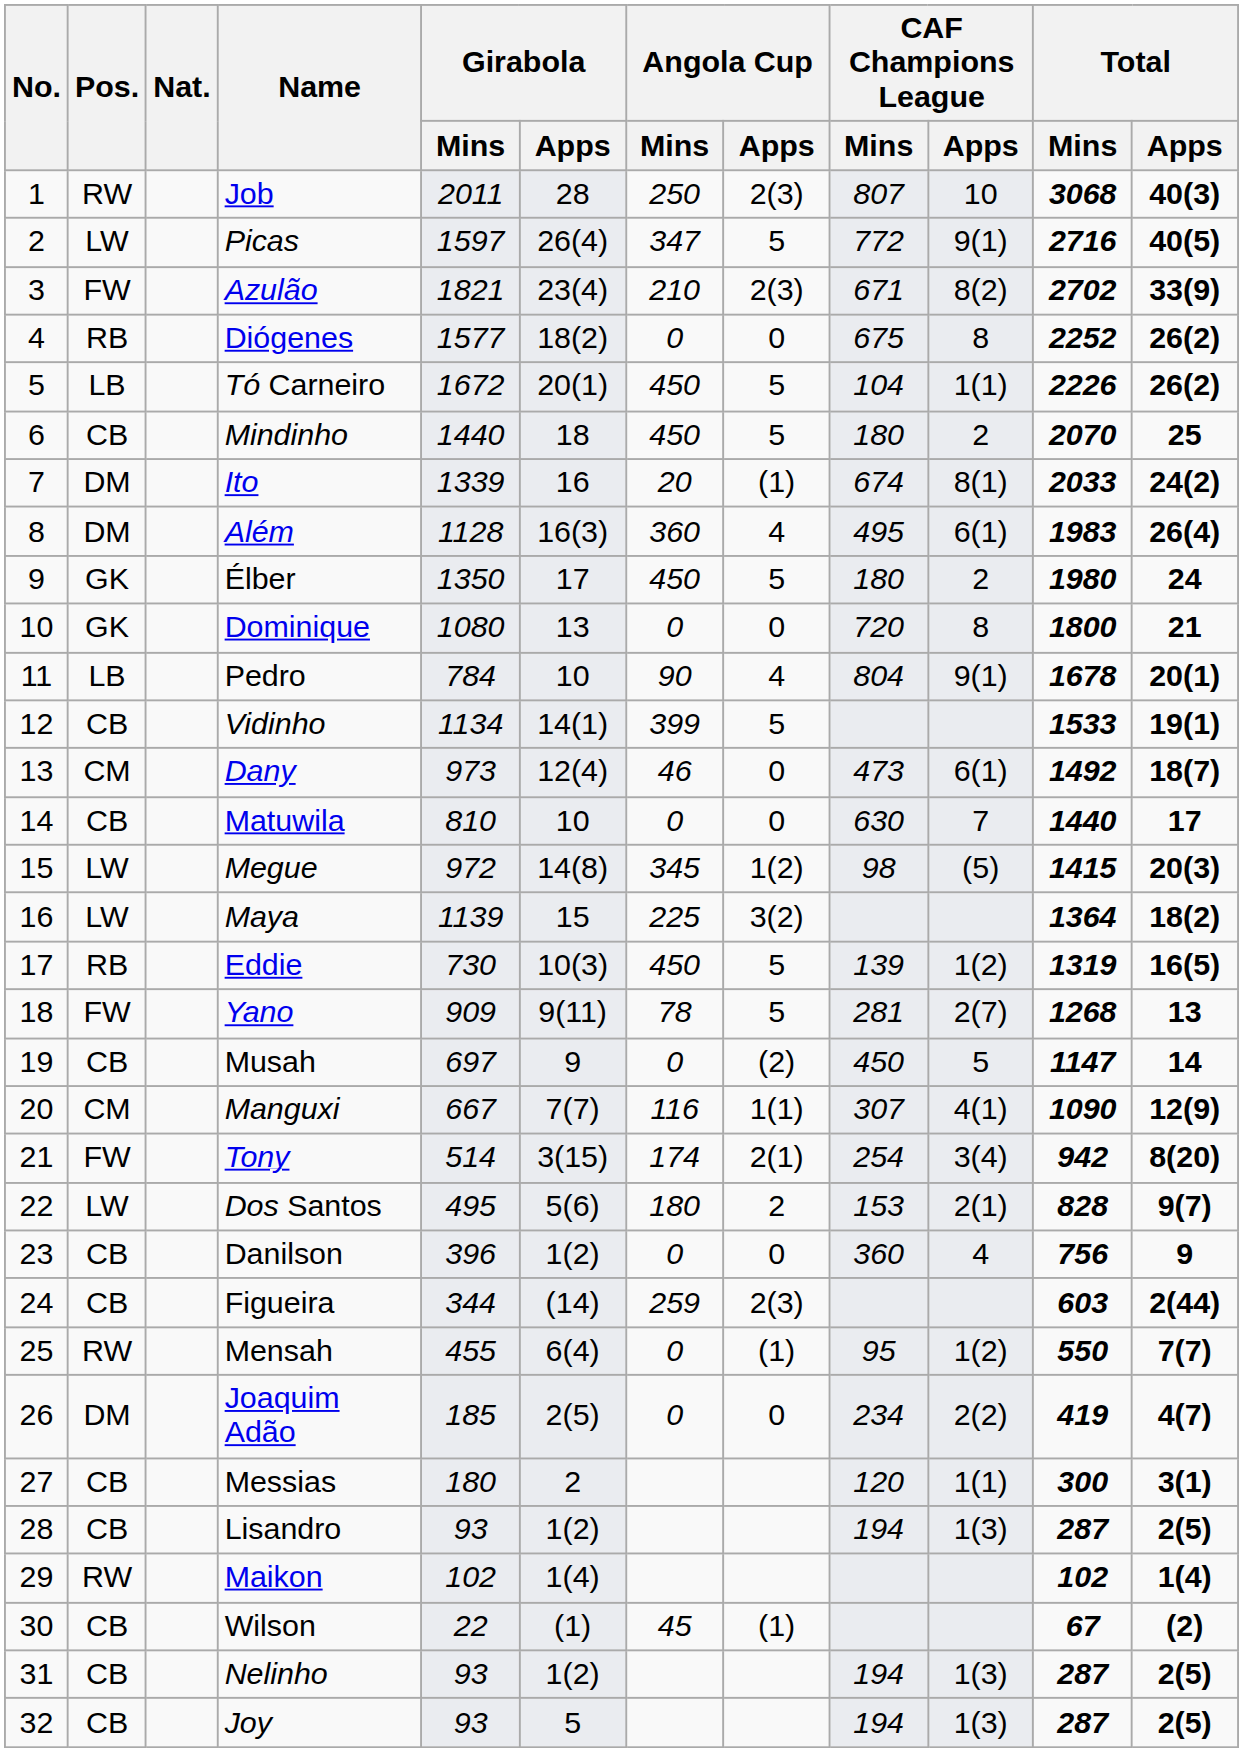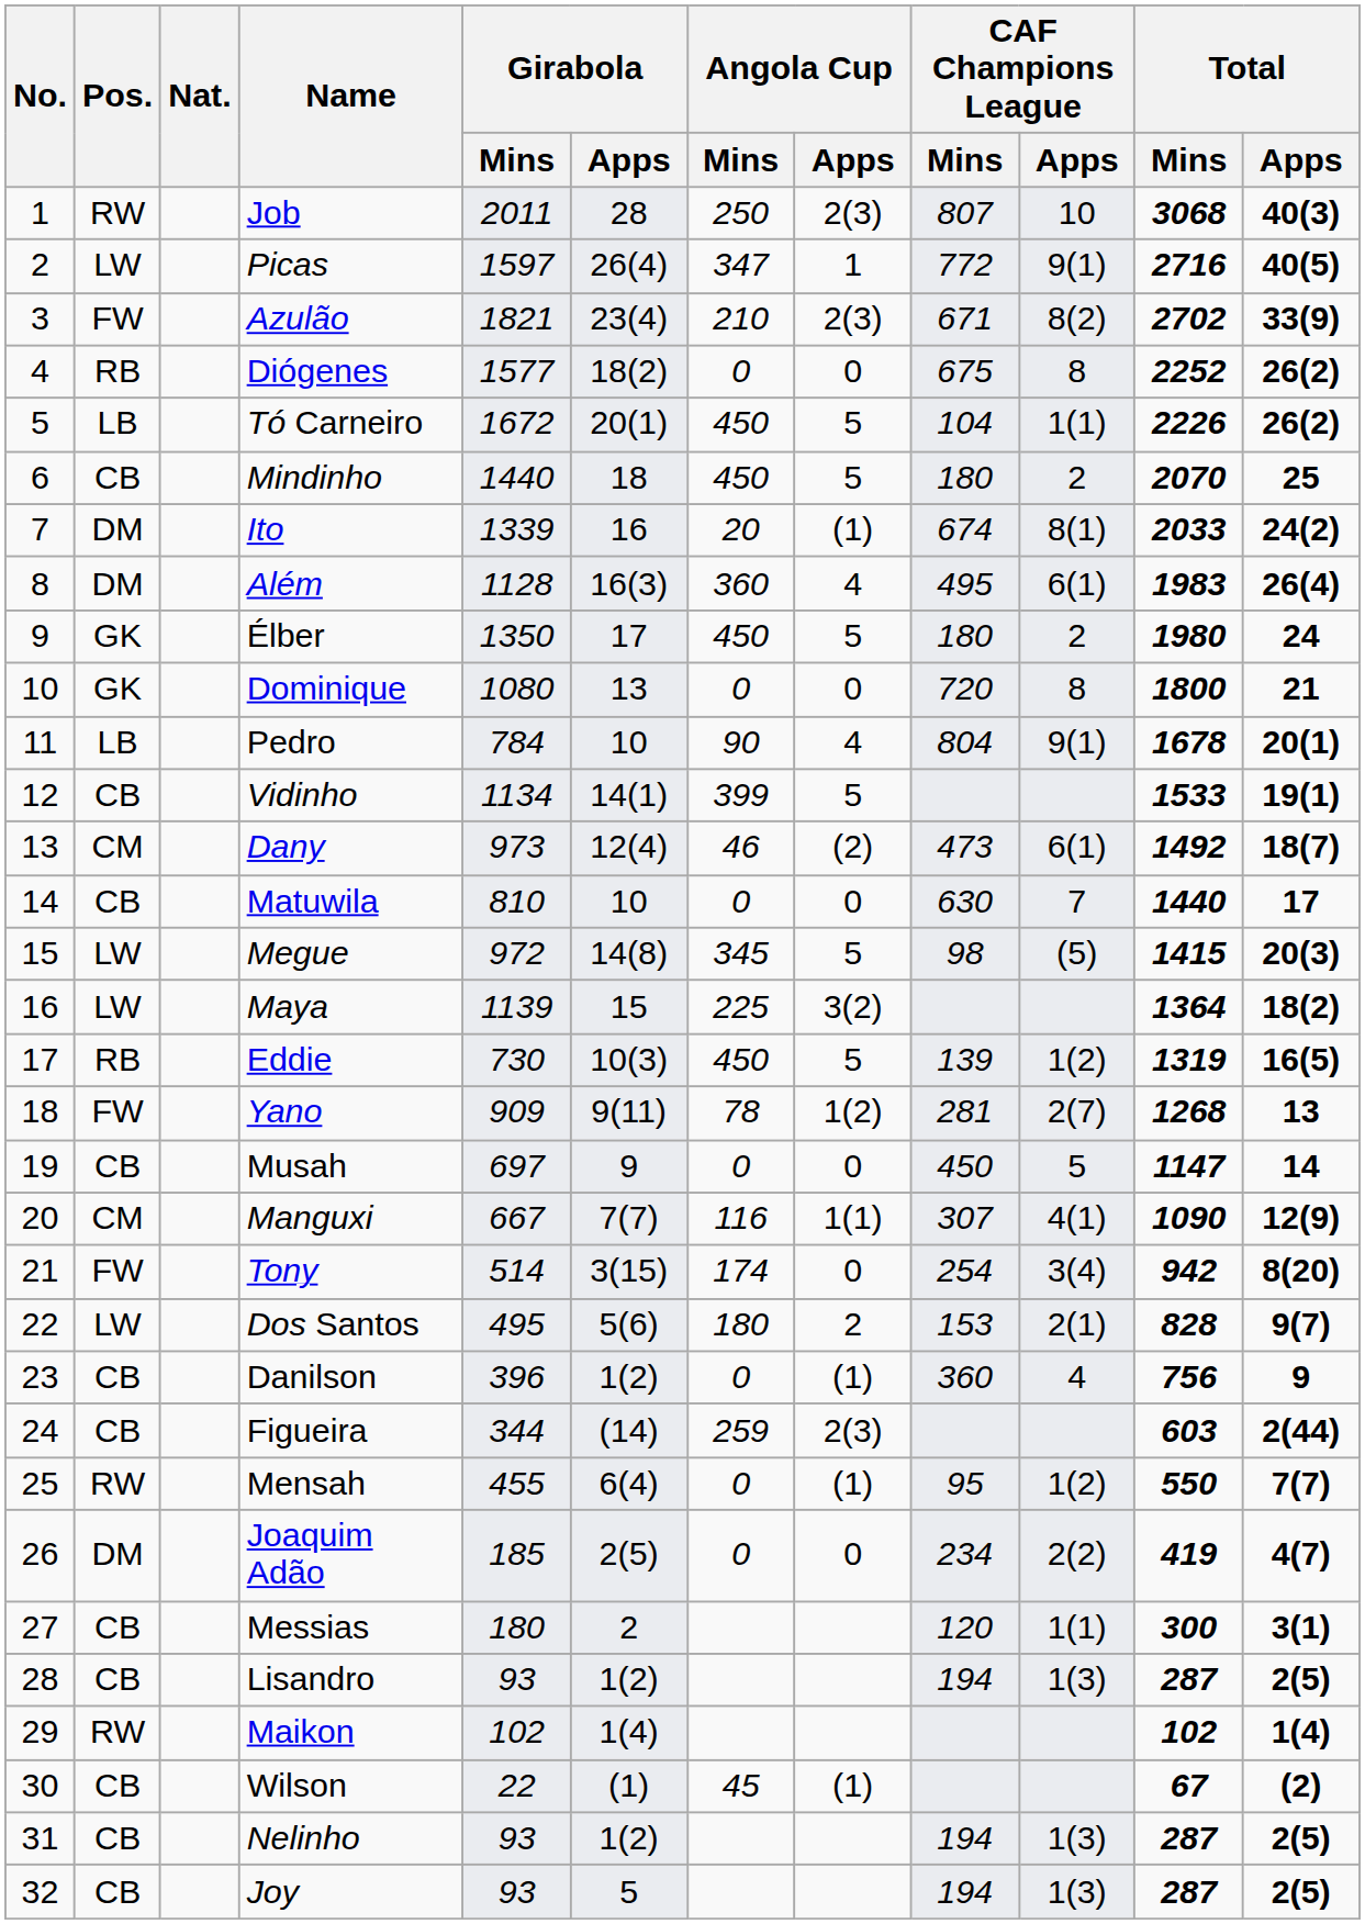 <table class="wikitable sortable" style="text-align:center">
 <tr>
 <th style="text-align:center;" rowspan="2">No.</th>
 <th style="text-align:center;" rowspan="2">Pos.</th>
 <th style="text-align:center;" rowspan="2">Nat.</th>
 <th style="text-align:center; width:100px;" rowspan="2">Name</th>
 <th style="text-align:center; width:100px;" colspan="2">Girabola</th>
 <th style="text-align:center; width:100px;" colspan="2">Angola Cup</th>
 <th style="text-align:center; width:100px;" colspan="2">CAF Champions League</th>
 <th style="text-align:center; width:100px;" colspan="2">Total</th>
 </tr>
 <tr>
 <th style="text-align:center;">Mins</th>
 <th style="text-align:center;">Apps</th>
 <th style="text-align:center;">Mins</th>
 <th style="text-align:center;">Apps</th>
 <th style="text-align:center;">Mins</th>
 <th style="text-align:center;">Apps</th>
 <th style="text-align:center;">Mins</th>
 <th style="text-align:center;">Apps</th>
 </tr>
 <tr>
 <td>1</td>
 <td data-sort-value="3.3">RW</td>
 <td></td>
 <td align=left><a href='#'>Job</a></td>
 <td style="background:#eaecf0;"><em>2011</em></td>
 <td style="background:#eaecf0;">28</td>
 <td><em>250</em></td>
 <td>2(3)</td>
 <td style="background:#eaecf0;"><em>807</em></td>
 <td style="background:#eaecf0;">10</td>
 <td><strong><em>3068</em></strong></td>
 <td><strong>40(3)</strong></td>
 </tr>
 <tr>
 <td>2</td>
 <td data-sort-value="3.4">LW</td>
 <td></td>
 <td align=left><em>Picas</em></td>
 <td style="background:#eaecf0;"><em>1597</em></td>
 <td style="background:#eaecf0;">26(4)</td>
 <td><em>347</em></td>
-<td>5</td>
+<td>1</td>
 <td style="background:#eaecf0;"><em>772</em></td>
 <td style="background:#eaecf0;">9(1)</td>
 <td><strong><em>2716</em></strong></td>
 <td><strong>40(5)</strong></td>
 </tr>
 <tr>
 <td>3</td>
 <td>FW</td>
 <td></td>
 <td align=left><em><a href='#'>Azulão</a></em></td>
 <td style="background:#eaecf0;"><em>1821</em></td>
 <td style="background:#eaecf0;">23(4)</td>
 <td><em>210</em></td>
 <td>2(3)</td>
 <td style="background:#eaecf0;"><em>671</em></td>
 <td style="background:#eaecf0;">8(2)</td>
 <td><strong><em>2702</em></strong></td>
 <td><strong>33(9)</strong></td>
 </tr>
 <tr>
 <td>4</td>
 <td data-sort-value="2.2">RB</td>
 <td></td>
 <td align=left><a href='#'>Diógenes</a></td>
 <td style="background:#eaecf0;"><em>1577</em></td>
 <td style="background:#eaecf0;">18(2)</td>
 <td><em>0</em></td>
 <td>0</td>
 <td style="background:#eaecf0;"><em>675</em></td>
 <td style="background:#eaecf0;">8</td>
 <td><strong><em>2252</em></strong></td>
 <td><strong>26(2)</strong></td>
 </tr>
 <tr>
 <td>5</td>
 <td data-sort-value="2.3">LB</td>
 <td></td>
 <td align=left><em>Tó</em> Carneiro</td>
 <td style="background:#eaecf0;"><em>1672</em></td>
 <td style="background:#eaecf0;">20(1)</td>
 <td><em>450</em></td>
 <td>5</td>
 <td style="background:#eaecf0;"><em>104</em></td>
 <td style="background:#eaecf0;">1(1)</td>
 <td><strong><em>2226</em></strong></td>
 <td><strong>26(2)</strong></td>
 </tr>
 <tr>
 <td>6</td>
 <td data-sort-value="2.1">CB</td>
 <td></td>
 <td align=left><em>Mindinho</em></td>
 <td style="background:#eaecf0;"><em>1440</em></td>
 <td style="background:#eaecf0;">18</td>
 <td><em>450</em></td>
 <td>5</td>
 <td style="background:#eaecf0;"><em>180</em></td>
 <td style="background:#eaecf0;">2</td>
 <td><strong><em>2070</em></strong></td>
 <td><strong>25</strong></td>
 </tr>
 <tr>
 <td>7</td>
 <td data-sort-value="3.2">DM</td>
 <td></td>
 <td align=left><em><a href='#'>Ito</a></em></td>
 <td style="background:#eaecf0;"><em>1339</em></td>
 <td style="background:#eaecf0;">16</td>
 <td><em>20</em></td>
 <td>(1)</td>
 <td style="background:#eaecf0;"><em>674</em></td>
 <td style="background:#eaecf0;">8(1)</td>
 <td><strong><em>2033</em></strong></td>
 <td><strong>24(2)</strong></td>
 </tr>
 <tr>
 <td>8</td>
 <td data-sort-value="3.2">DM</td>
 <td></td>
 <td align=left><em><a href='#'>Além</a></em></td>
 <td style="background:#eaecf0;"><em>1128</em></td>
 <td style="background:#eaecf0;">16(3)</td>
 <td><em>360</em></td>
 <td>4</td>
 <td style="background:#eaecf0;"><em>495</em></td>
 <td style="background:#eaecf0;">6(1)</td>
 <td><strong><em>1983</em></strong></td>
 <td><strong>26(4)</strong></td>
 </tr>
 <tr>
 <td>9</td>
 <td data-sort-value="1">GK</td>
 <td></td>
 <td align=left>Élber</td>
 <td style="background:#eaecf0;"><em>1350</em></td>
 <td style="background:#eaecf0;">17</td>
 <td><em>450</em></td>
 <td>5</td>
 <td style="background:#eaecf0;"><em>180</em></td>
 <td style="background:#eaecf0;">2</td>
 <td><strong><em>1980</em></strong></td>
 <td><strong>24</strong></td>
 </tr>
 <tr>
 <td>10</td>
 <td data-sort-value="1">GK</td>
 <td></td>
 <td align=left><a href='#'>Dominique</a></td>
 <td style="background:#eaecf0;"><em>1080</em></td>
 <td style="background:#eaecf0;">13</td>
 <td><em>0</em></td>
 <td>0</td>
 <td style="background:#eaecf0;"><em>720</em></td>
 <td style="background:#eaecf0;">8</td>
 <td><strong><em>1800</em></strong></td>
 <td><strong>21</strong></td>
 </tr>
 <tr>
 <td>11</td>
 <td data-sort-value="2.3">LB</td>
 <td></td>
 <td align=left>Pedro</td>
 <td style="background:#eaecf0;"><em>784</em></td>
 <td style="background:#eaecf0;">10</td>
 <td><em>90</em></td>
 <td>4</td>
 <td style="background:#eaecf0;"><em>804</em></td>
 <td style="background:#eaecf0;">9(1)</td>
 <td><strong><em>1678</em></strong></td>
 <td><strong>20(1)</strong></td>
 </tr>
 <tr>
 <td>12</td>
 <td data-sort-value="2.1">CB</td>
 <td></td>
 <td align=left><em>Vidinho</em></td>
 <td style="background:#eaecf0;"><em>1134</em></td>
 <td style="background:#eaecf0;">14(1)</td>
 <td><em>399</em></td>
 <td>5</td>
 <td style="background:#eaecf0;"></td>
 <td style="background:#eaecf0;"></td>
 <td><strong><em>1533</em></strong></td>
 <td><strong>19(1)</strong></td>
 </tr>
 <tr>
 <td>13</td>
 <td data-sort-value="3.1">CM</td>
 <td></td>
 <td align=left><em><a href='#'>Dany</a></em></td>
 <td style="background:#eaecf0;"><em>973</em></td>
 <td style="background:#eaecf0;">12(4)</td>
 <td><em>46</em></td>
-<td>0</td>
+<td>(2)</td>
 <td style="background:#eaecf0;"><em>473</em></td>
 <td style="background:#eaecf0;">6(1)</td>
 <td><strong><em>1492</em></strong></td>
 <td><strong>18(7)</strong></td>
 </tr>
 <tr>
 <td>14</td>
 <td data-sort-value="2.1">CB</td>
 <td></td>
 <td align=left><a href='#'>Matuwila</a></td>
 <td style="background:#eaecf0;"><em>810</em></td>
 <td style="background:#eaecf0;">10</td>
 <td><em>0</em></td>
 <td>0</td>
 <td style="background:#eaecf0;"><em>630</em></td>
 <td style="background:#eaecf0;">7</td>
 <td><strong><em>1440</em></strong></td>
 <td><strong>17</strong></td>
 </tr>
 <tr>
 <td>15</td>
 <td data-sort-value="3.4">LW</td>
 <td></td>
 <td align=left><em>Megue</em></td>
 <td style="background:#eaecf0;"><em>972</em></td>
 <td style="background:#eaecf0;">14(8)</td>
 <td><em>345</em></td>
-<td>1(2)</td>
+<td>5</td>
 <td style="background:#eaecf0;"><em>98</em></td>
 <td style="background:#eaecf0;">(5)</td>
 <td><strong><em>1415</em></strong></td>
 <td><strong>20(3)</strong></td>
 </tr>
 <tr>
 <td>16</td>
 <td data-sort-value="3.4">LW</td>
 <td></td>
 <td align=left><em>Maya</em></td>
 <td style="background:#eaecf0;"><em>1139</em></td>
 <td style="background:#eaecf0;">15</td>
 <td><em>225</em></td>
 <td>3(2)</td>
 <td style="background:#eaecf0;"></td>
 <td style="background:#eaecf0;"></td>
 <td><strong><em>1364</em></strong></td>
 <td><strong>18(2)</strong></td>
 </tr>
 <tr>
 <td>17</td>
 <td data-sort-value="2.2">RB</td>
 <td></td>
 <td align=left><a href='#'>Eddie</a></td>
 <td style="background:#eaecf0;"><em>730</em></td>
 <td style="background:#eaecf0;">10(3)</td>
 <td><em>450</em></td>
 <td>5</td>
 <td style="background:#eaecf0;"><em>139</em></td>
 <td style="background:#eaecf0;">1(2)</td>
 <td><strong><em>1319</em></strong></td>
 <td><strong>16(5)</strong></td>
 </tr>
 <tr>
 <td>18</td>
 <td>FW</td>
 <td></td>
 <td align=left><em><a href='#'>Yano</a></em></td>
 <td style="background:#eaecf0;"><em>909</em></td>
 <td style="background:#eaecf0;">9(11)</td>
 <td><em>78</em></td>
-<td>5</td>
+<td>1(2)</td>
 <td style="background:#eaecf0;"><em>281</em></td>
 <td style="background:#eaecf0;">2(7)</td>
 <td><strong><em>1268</em></strong></td>
 <td><strong>13</strong></td>
 </tr>
 <tr>
 <td>19</td>
 <td data-sort-value="2.1">CB</td>
 <td></td>
 <td align=left>Musah</td>
 <td style="background:#eaecf0;"><em>697</em></td>
 <td style="background:#eaecf0;">9</td>
 <td><em>0</em></td>
-<td>(2)</td>
+<td>0</td>
 <td style="background:#eaecf0;"><em>450</em></td>
 <td style="background:#eaecf0;">5</td>
 <td><strong><em>1147</em></strong></td>
 <td><strong>14</strong></td>
 </tr>
 <tr>
 <td>20</td>
 <td data-sort-value="3.1">CM</td>
 <td></td>
 <td align=left><em>Manguxi</em></td>
 <td style="background:#eaecf0;"><em>667</em></td>
 <td style="background:#eaecf0;">7(7)</td>
 <td><em>116</em></td>
 <td>1(1)</td>
 <td style="background:#eaecf0;"><em>307</em></td>
 <td style="background:#eaecf0;">4(1)</td>
 <td><strong><em>1090</em></strong></td>
 <td><strong>12(9)</strong></td>
 </tr>
 <tr>
 <td>21</td>
 <td>FW</td>
 <td></td>
 <td align=left><em><a href='#'>Tony</a></em></td>
 <td style="background:#eaecf0;"><em>514</em></td>
 <td style="background:#eaecf0;">3(15)</td>
 <td><em>174</em></td>
-<td>2(1)</td>
+<td>0</td>
 <td style="background:#eaecf0;"><em>254</em></td>
 <td style="background:#eaecf0;">3(4)</td>
 <td><strong><em>942</em></strong></td>
 <td><strong>8(20)</strong></td>
 </tr>
 <tr>
 <td>22</td>
 <td data-sort-value="3.4">LW</td>
 <td></td>
 <td align=left><em>Dos</em> Santos</td>
 <td style="background:#eaecf0;"><em>495</em></td>
 <td style="background:#eaecf0;">5(6)</td>
 <td><em>180</em></td>
 <td>2</td>
 <td style="background:#eaecf0;"><em>153</em></td>
 <td style="background:#eaecf0;">2(1)</td>
 <td><strong><em>828</em></strong></td>
 <td><strong>9(7)</strong></td>
 </tr>
 <tr>
 <td>23</td>
 <td data-sort-value="2.1">CB</td>
 <td></td>
 <td align=left>Danilson</td>
 <td style="background:#eaecf0;"><em>396</em></td>
 <td style="background:#eaecf0;">1(2)</td>
 <td><em>0</em></td>
-<td>0</td>
+<td>(1)</td>
 <td style="background:#eaecf0;"><em>360</em></td>
 <td style="background:#eaecf0;">4</td>
 <td><strong><em>756</em></strong></td>
 <td><strong>9</strong></td>
 </tr>
 <tr>
 <td>24</td>
 <td data-sort-value="2.1">CB</td>
 <td></td>
 <td align=left>Figueira</td>
 <td style="background:#eaecf0;"><em>344</em></td>
 <td style="background:#eaecf0;">(14)</td>
 <td><em>259</em></td>
 <td>2(3)</td>
 <td style="background:#eaecf0;"></td>
 <td style="background:#eaecf0;"></td>
 <td><strong><em>603</em></strong></td>
 <td><strong>2(44)</strong></td>
 </tr>
 <tr>
 <td>25</td>
 <td data-sort-value="3.3">RW</td>
 <td></td>
 <td align=left>Mensah</td>
 <td style="background:#eaecf0;"><em>455</em></td>
 <td style="background:#eaecf0;">6(4)</td>
 <td><em>0</em></td>
 <td>(1)</td>
 <td style="background:#eaecf0;"><em>95</em></td>
 <td style="background:#eaecf0;">1(2)</td>
 <td><strong><em>550</em></strong></td>
 <td><strong>7(7)</strong></td>
 </tr>
 <tr>
 <td>26</td>
 <td data-sort-value="3.2">DM</td>
 <td></td>
 <td align=left><a href='#'>Joaquim Adão</a></td>
 <td style="background:#eaecf0;"><em>185</em></td>
 <td style="background:#eaecf0;">2(5)</td>
 <td><em>0</em></td>
 <td>0</td>
 <td style="background:#eaecf0;"><em>234</em></td>
 <td style="background:#eaecf0;">2(2)</td>
 <td><strong><em>419</em></strong></td>
 <td><strong>4(7)</strong></td>
 </tr>
 <tr>
 <td>27</td>
 <td data-sort-value="2.1">CB</td>
 <td></td>
 <td align=left>Messias</td>
 <td style="background:#eaecf0;"><em>180</em></td>
 <td style="background:#eaecf0;">2</td>
 <td></td>
 <td></td>
 <td style="background:#eaecf0;"><em>120</em></td>
 <td style="background:#eaecf0;">1(1)</td>
 <td><strong><em>300</em></strong></td>
 <td><strong>3(1)</strong></td>
 </tr>
 <tr>
 <td>28</td>
 <td data-sort-value="2.1">CB</td>
 <td></td>
 <td align=left>Lisandro</td>
 <td style="background:#eaecf0;"><em>93</em></td>
 <td style="background:#eaecf0;">1(2)</td>
 <td></td>
 <td></td>
 <td style="background:#eaecf0;"><em>194</em></td>
 <td style="background:#eaecf0;">1(3)</td>
 <td><strong><em>287</em></strong></td>
 <td><strong>2(5)</strong></td>
 </tr>
 <tr>
 <td>29</td>
 <td data-sort-value="3.3">RW</td>
 <td></td>
 <td align=left><a href='#'>Maikon</a></td>
 <td style="background:#eaecf0;"><em>102</em></td>
 <td style="background:#eaecf0;">1(4)</td>
 <td></td>
 <td></td>
 <td style="background:#eaecf0;"></td>
 <td style="background:#eaecf0;"></td>
 <td><strong><em>102</em></strong></td>
 <td><strong>1(4)</strong></td>
 </tr>
 <tr>
 <td>30</td>
 <td data-sort-value="2.1">CB</td>
 <td></td>
 <td align=left>Wilson</td>
 <td style="background:#eaecf0;"><em>22</em></td>
 <td style="background:#eaecf0;">(1)</td>
 <td><em>45</em></td>
 <td>(1)</td>
 <td style="background:#eaecf0;"></td>
 <td style="background:#eaecf0;"></td>
 <td><strong><em>67</em></strong></td>
 <td><strong>(2)</strong></td>
 </tr>
 <tr>
 <td>31</td>
 <td data-sort-value="2.1">CB</td>
 <td></td>
 <td align=left><em>Nelinho</em></td>
 <td style="background:#eaecf0;"><em>93</em></td>
 <td style="background:#eaecf0;">1(2)</td>
 <td></td>
 <td></td>
 <td style="background:#eaecf0;"><em>194</em></td>
 <td style="background:#eaecf0;">1(3)</td>
 <td><strong><em>287</em></strong></td>
 <td><strong>2(5)</strong></td>
 </tr>
 <tr>
 <td>32</td>
 <td data-sort-value="2.1">CB</td>
 <td></td>
 <td align=left><em>Joy</em></td>
 <td style="background:#eaecf0;"><em>93</em></td>
 <td style="background:#eaecf0;">5</td>
 <td></td>
 <td></td>
 <td style="background:#eaecf0;"><em>194</em></td>
 <td style="background:#eaecf0;">1(3)</td>
 <td><strong><em>287</em></strong></td>
 <td><strong>2(5)</strong></td>
 </tr>
 </table>
